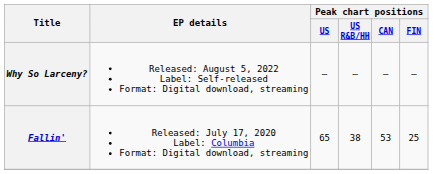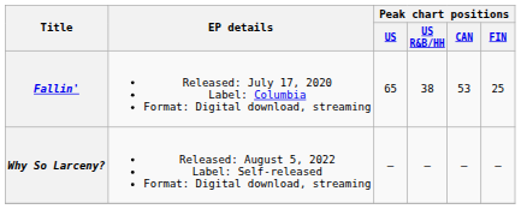 <table class="wikitable plainrowheaders" style="text-align:center;">
 <tr>
 <th rowspan="2">Title</th>
 <th rowspan="2">EP details</th>
 <th colspan="4">Peak chart positions</th>
 </tr>
 <tr>
 <th scope="col" style="width:3em;font-size:90%;"><a href='#'>US</a><br></th>
 <th scope="col" style="width:3em;font-size:90%;"><a href='#'>US<br>R&B/HH</a><br></th>
 <th scope="col" style="width:3em;font-size:90%;"><a href='#'>CAN</a><br></th>
 <th scope="col" style="width:3em;font-size:90%;"><a href='#'>FIN</a><br></th>
 </tr>
 <tr>
+<th scope="row"><em><a href='#'>Fallin'</a></em></th>
+<td><br><ul><li>Released: July 17, 2020</li><li>Label: <a href='#'>Columbia</a></li><li>Format: Digital download, streaming</li></ul></td>
+<td>65</td>
+<td>38</td>
+<td>53</td>
+<td>25</td>
+</tr>
+<tr>
 <th scope="row"><em>Why So Larceny?</em></th>
 <td><br><ul><li>Released: August 5, 2022</li><li>Label: Self-released</li><li>Format: Digital download, streaming</li></ul></td>
 <td>—</td>
 <td>—</td>
 <td>—</td>
 <td>—</td>
 </tr>
 <tr>
-<th scope="row"><em><a href='#'>Fallin'</a></em></th>
-<td><br><ul><li>Released: July 17, 2020</li><li>Label: <a href='#'>Columbia</a></li><li>Format: Digital download, streaming</li></ul></td>
-<td>65</td>
-<td>38</td>
-<td>53</td>
-<td>25</td>
-</tr>
-<tr>
 </tr>
 </table>
